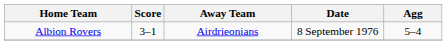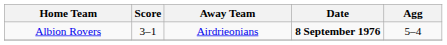 <table class="wikitable" style="text-align:center;">
 <tr>
 <th width=175>Home Team</th>
 <th width=20>Score</th>
 <th width=175>Away Team</th>
 <th width= 125>Date</th>
 <th width= 75>Agg</th>
 </tr>
 <tr>
 <td><a href='#'>Albion Rovers</a></td>
 <td>3–1</td>
 <td><a href='#'>Airdrieonians</a></td>
-<td>8 September 1976</td>
+<td><strong>8 September 1976</strong></td>
 <td>5–4</td>
 </tr>
 <tr>
 </tr>
 </table>
